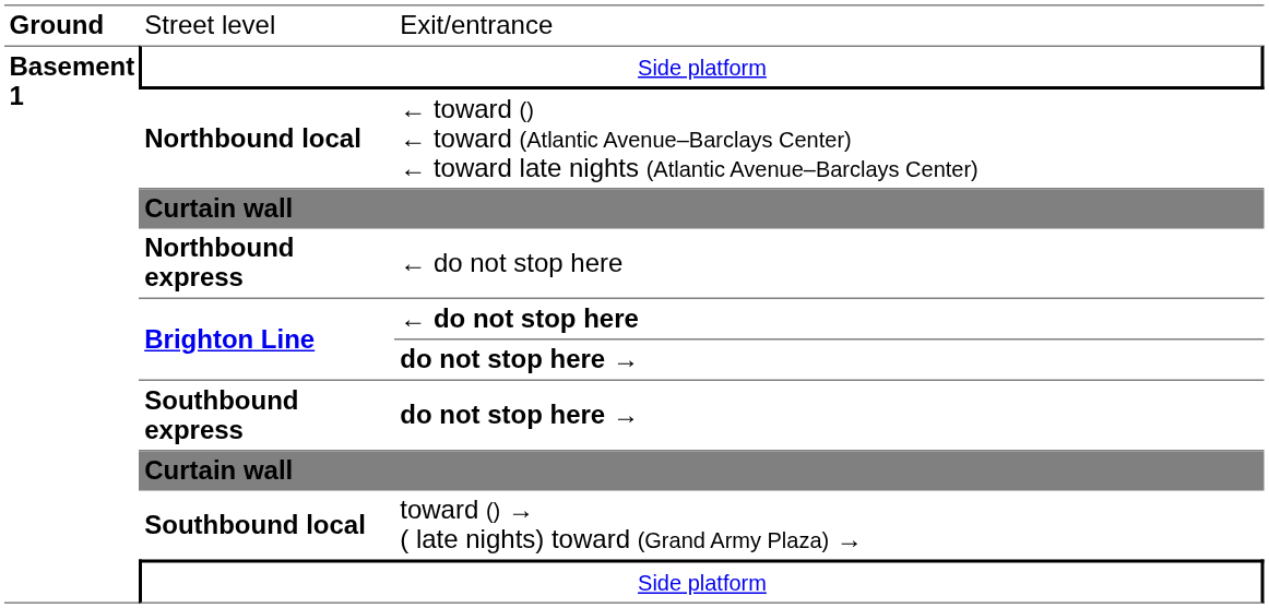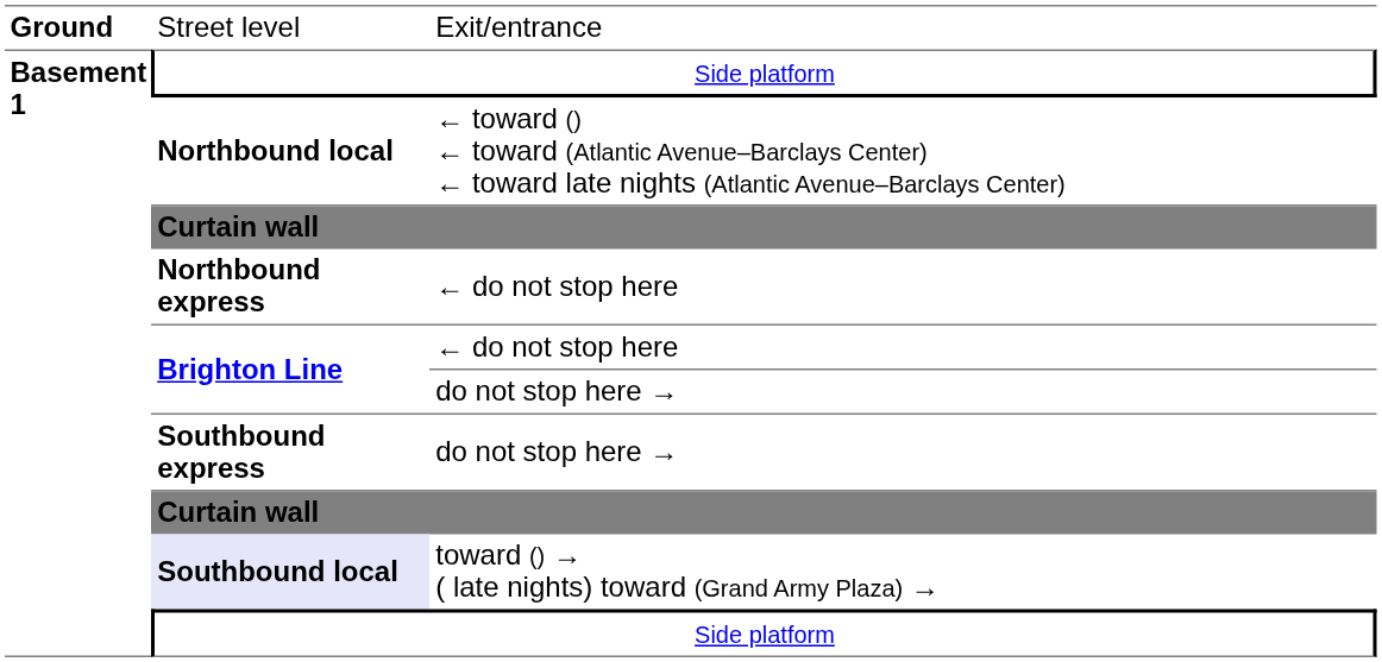 <table table border=0 cellspacing=0 cellpadding=3>
 <tr>
 <td style="border-top:solid 1px gray;" width=50><strong>Ground</strong></td>
 <td style="border-top:solid 1px gray;" width=150>Street level</td>
 <td style="border-top:solid 1px gray;" width=525>Exit/entrance</td>
 </tr>
 <tr>
 <td style="border-top:solid 1px gray;border-bottom:solid 1px gray;" rowspan=10 valign=top><strong>Basement 1</strong></td>
 <td style="border-top:solid 1px gray;border-right:solid 2px black;border-left:solid 2px black;border-bottom:solid 2px black;text-align:center;" colspan=2><small><a href='#'>Side platform</a></small></td>
 </tr>
 <tr>
 <td style="border-bottom:solid 1px gray;"><span><strong>Northbound local</strong></span></td>
 <td style="border-bottom:solid 1px gray;">←  toward  <small>()</small><br>←  toward  <small>(Atlantic Avenue–Barclays Center)</small><br>←  toward  late nights <small>(Atlantic Avenue–Barclays Center)</small></td>
 </tr>
 <tr bgcolor="grey">
 <td colspan=2><strong>Curtain wall</strong></td>
 </tr>
 <tr>
 <td style="border-bottom:solid 1px gray;"><span><strong>Northbound express</strong></span></td>
 <td style="border-bottom:solid 1px gray;">←  do not stop here</td>
 </tr>
 <tr>
 <td style="border-bottom:solid 1px gray;" rowspan=2><strong><a href='#'>Brighton Line</a></strong></td>
-<td style="border-bottom:solid 1px gray;"><strong>←  do not stop here</strong></td>
+<td style="border-bottom:solid 1px gray;">←  do not stop here</td>
 </tr>
 <tr>
-<td style="border-bottom:solid 1px gray;"><strong>  do not stop here →</strong></td>
+<td style="border-bottom:solid 1px gray;">  do not stop here →</td>
 </tr>
 <tr>
 <td style="border-bottom:solid 1px gray;"><span><strong>Southbound express</strong></span></td>
-<td style="border-bottom:solid 1px gray;"><strong>  do not stop here →</strong></td>
+<td style="border-bottom:solid 1px gray;">  do not stop here →</td>
 </tr>
 <tr bgcolor="grey">
 <td colspan=2><strong>Curtain wall</strong></td>
 </tr>
 <tr>
-<td><span><strong>Southbound local</strong></span></td>
+<td style="background: lavender;"><span><strong>Southbound local</strong></span></td>
 <td>  toward  <small>()</small> →<br>  ( late nights) toward  <small>(Grand Army Plaza)</small> →</td>
 </tr>
 <tr>
 <td style="border-bottom:solid 1px gray;border-top:solid 2px black;border-right:solid 2px black;border-left:solid 2px black;text-align:center;" colspan=2><small><a href='#'>Side platform</a></small></td>
 </tr>
 </table>
